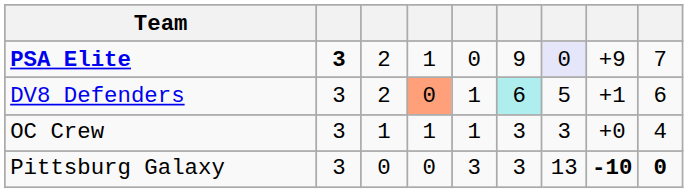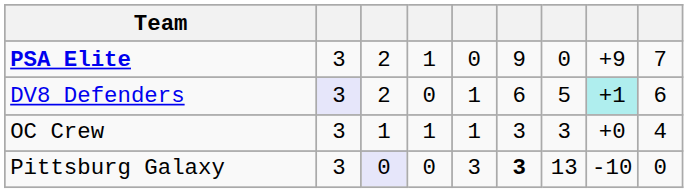 <table class="wikitable" style="text-align:center;">
 <tr>
 <th width=175>Team</th>
 <th width=20></th>
 <th width=20></th>
 <th width=20></th>
 <th width=20></th>
 <th width=20></th>
 <th width=20></th>
 <th width=20></th>
 <th width=20></th>
 </tr>
 <tr>
 <td align=left> <strong><a href='#'>PSA Elite</a></strong></td>
-<td><strong>3</strong></td>
+<td>3</td>
 <td>2</td>
 <td>1</td>
 <td>0</td>
 <td>9</td>
-<td style="background: lavender;">0</td>
+<td>0</td>
 <td>+9</td>
 <td>7</td>
 </tr>
 <tr>
 <td align=left> <a href='#'>DV8 Defenders</a></td>
-<td>3</td>
+<td style="background: lavender;">3</td>
 <td>2</td>
-<td style="background: lightsalmon;">0</td>
+<td>0</td>
 <td>1</td>
-<td style="background: paleturquoise;">6</td>
+<td>6</td>
 <td>5</td>
-<td>+1</td>
+<td style="background: paleturquoise;">+1</td>
 <td>6</td>
 </tr>
 <tr>
 <td align=left> OC Crew</td>
 <td>3</td>
 <td>1</td>
 <td>1</td>
 <td>1</td>
 <td>3</td>
 <td>3</td>
 <td>+0</td>
 <td>4</td>
 </tr>
 <tr>
 <td align=left> Pittsburg Galaxy</td>
 <td>3</td>
-<td>0</td>
+<td style="background: lavender;">0</td>
 <td>0</td>
 <td>3</td>
-<td>3</td>
+<td><strong>3</strong></td>
 <td>13</td>
-<td><strong>-10</strong></td>
-<td><strong>0</strong></td>
+<td>-10</td>
+<td>0</td>
 </tr>
 </table>
